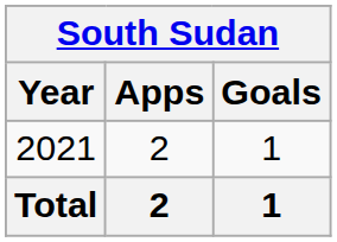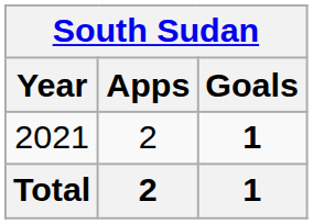 <table class="wikitable" style="text-align:center">
 <tr>
 <th colspan="3"><a href='#'>South Sudan</a></th>
 </tr>
 <tr>
 <th>Year</th>
 <th>Apps</th>
 <th>Goals</th>
 </tr>
 <tr>
 <td>2021</td>
 <td>2</td>
-<td>1</td>
+<td><strong>1</strong></td>
 </tr>
 <tr>
 <th>Total</th>
 <th>2</th>
 <th>1</th>
 </tr>
 </table>
